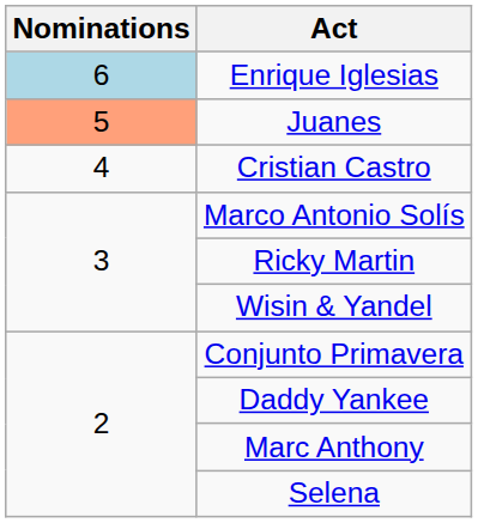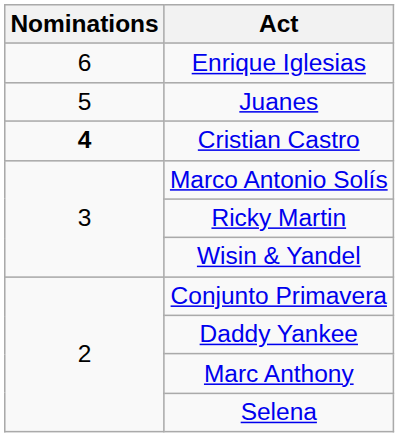 <table class="wikitable" rowspan="2" style="text-align:center;">
 <tr>
 <th scope="col">Nominations</th>
 <th scope="col">Act</th>
 </tr>
 <tr>
-<td style="background: lightblue;">6</td>
+<td>6</td>
 <td><a href='#'>Enrique Iglesias</a></td>
 </tr>
 <tr>
-<td style="background: lightsalmon;">5</td>
+<td>5</td>
 <td><a href='#'>Juanes</a></td>
 </tr>
 <tr>
-<td>4</td>
+<td><strong>4</strong></td>
 <td><a href='#'>Cristian Castro</a></td>
 </tr>
 <tr>
 <td rowspan="3">3</td>
 <td><a href='#'>Marco Antonio Solís</a></td>
 </tr>
 <tr>
 <td><a href='#'>Ricky Martin</a></td>
 </tr>
 <tr>
 <td><a href='#'>Wisin & Yandel</a></td>
 </tr>
 <tr>
 <td rowspan="4">2</td>
 <td><a href='#'>Conjunto Primavera</a></td>
 </tr>
 <tr>
 <td><a href='#'>Daddy Yankee</a></td>
 </tr>
 <tr>
 <td><a href='#'>Marc Anthony</a></td>
 </tr>
 <tr>
 <td><a href='#'>Selena</a></td>
 </tr>
 </table>
